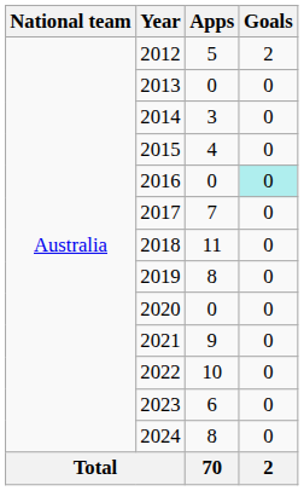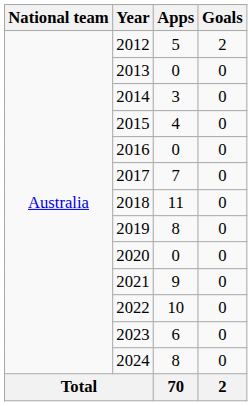 <table class="wikitable" style="text-align:center">
 <tr>
 <th>National team</th>
 <th>Year</th>
 <th>Apps</th>
 <th>Goals</th>
 </tr>
 <tr>
 <td rowspan="13"><a href='#'>Australia</a></td>
 <td>2012</td>
 <td>5</td>
 <td>2</td>
 </tr>
 <tr>
 <td>2013</td>
 <td>0</td>
 <td>0</td>
 </tr>
 <tr>
 <td>2014</td>
 <td>3</td>
 <td>0</td>
 </tr>
 <tr>
 <td>2015</td>
 <td>4</td>
 <td>0</td>
 </tr>
 <tr>
 <td>2016</td>
 <td>0</td>
-<td style="background: paleturquoise;">0</td>
+<td>0</td>
 </tr>
 <tr>
 <td>2017</td>
 <td>7</td>
 <td>0</td>
 </tr>
 <tr>
 <td>2018</td>
 <td>11</td>
 <td>0</td>
 </tr>
 <tr>
 <td>2019</td>
 <td>8</td>
 <td>0</td>
 </tr>
 <tr>
 <td>2020</td>
 <td>0</td>
 <td>0</td>
 </tr>
 <tr>
 <td>2021</td>
 <td>9</td>
 <td>0</td>
 </tr>
 <tr>
 <td>2022</td>
 <td>10</td>
 <td>0</td>
 </tr>
 <tr>
 <td>2023</td>
 <td>6</td>
 <td>0</td>
 </tr>
 <tr>
 <td>2024</td>
 <td>8</td>
 <td>0</td>
 </tr>
 <tr>
 <th colspan="2">Total</th>
 <th>70</th>
 <th>2</th>
 </tr>
 </table>
